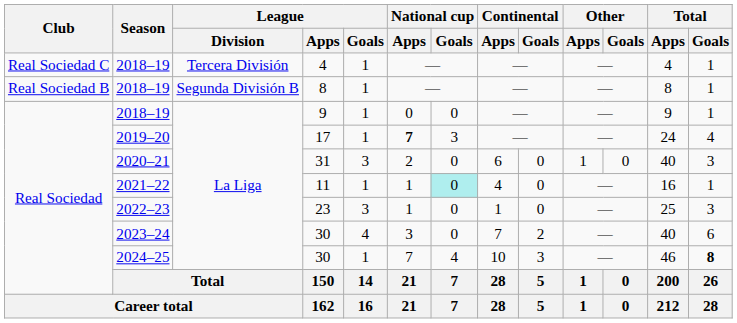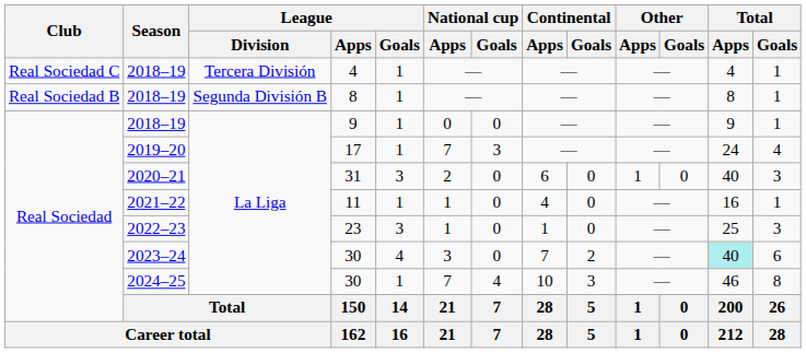 <table class="wikitable" style="text-align:center">
 <tr>
 <th rowspan="2">Club</th>
 <th rowspan="2">Season</th>
 <th colspan="3">League</th>
 <th colspan="2">National cup</th>
 <th colspan="2">Continental</th>
 <th colspan="2">Other</th>
 <th colspan="2">Total</th>
 </tr>
 <tr>
 <th>Division</th>
 <th>Apps</th>
 <th>Goals</th>
 <th>Apps</th>
 <th>Goals</th>
 <th>Apps</th>
 <th>Goals</th>
 <th>Apps</th>
 <th>Goals</th>
 <th>Apps</th>
 <th>Goals</th>
 </tr>
 <tr>
 <td><a href='#'>Real Sociedad C</a></td>
 <td><a href='#'>2018–19</a></td>
 <td><a href='#'>Tercera División</a></td>
 <td>4</td>
 <td>1</td>
 <td colspan="2">—</td>
 <td colspan="2">—</td>
 <td colspan="2">—</td>
 <td>4</td>
 <td>1</td>
 </tr>
 <tr>
 <td><a href='#'>Real Sociedad B</a></td>
 <td><a href='#'>2018–19</a></td>
 <td><a href='#'>Segunda División B</a></td>
 <td>8</td>
 <td>1</td>
 <td colspan="2">—</td>
 <td colspan="2">—</td>
 <td colspan="2">—</td>
 <td>8</td>
 <td>1</td>
 </tr>
 <tr>
 <td rowspan="8"><a href='#'>Real Sociedad</a></td>
 <td><a href='#'>2018–19</a></td>
 <td rowspan="7"><a href='#'>La Liga</a></td>
 <td>9</td>
 <td>1</td>
 <td>0</td>
 <td>0</td>
 <td colspan="2">—</td>
 <td colspan="2">—</td>
 <td>9</td>
 <td>1</td>
 </tr>
 <tr>
 <td><a href='#'>2019–20</a></td>
 <td>17</td>
 <td>1</td>
-<td><strong>7</strong></td>
+<td>7</td>
 <td>3</td>
 <td colspan="2">—</td>
 <td colspan="2">—</td>
 <td>24</td>
 <td>4</td>
 </tr>
 <tr>
 <td><a href='#'>2020–21</a></td>
 <td>31</td>
 <td>3</td>
 <td>2</td>
 <td>0</td>
 <td>6</td>
 <td>0</td>
 <td>1</td>
 <td>0</td>
 <td>40</td>
 <td>3</td>
 </tr>
 <tr>
 <td><a href='#'>2021–22</a></td>
 <td>11</td>
 <td>1</td>
 <td>1</td>
-<td style="background: paleturquoise;">0</td>
+<td>0</td>
 <td>4</td>
 <td>0</td>
 <td colspan="2">—</td>
 <td>16</td>
 <td>1</td>
 </tr>
 <tr>
 <td><a href='#'>2022–23</a></td>
 <td>23</td>
 <td>3</td>
 <td>1</td>
 <td>0</td>
 <td>1</td>
 <td>0</td>
 <td colspan="2">—</td>
 <td>25</td>
 <td>3</td>
 </tr>
 <tr>
 <td><a href='#'>2023–24</a></td>
 <td>30</td>
 <td>4</td>
 <td>3</td>
 <td>0</td>
 <td>7</td>
 <td>2</td>
 <td colspan="2">—</td>
-<td>40</td>
+<td style="background: paleturquoise;">40</td>
 <td>6</td>
 </tr>
 <tr>
 <td><a href='#'>2024–25</a></td>
 <td>30</td>
 <td>1</td>
 <td>7</td>
 <td>4</td>
 <td>10</td>
 <td>3</td>
 <td colspan="2">—</td>
 <td>46</td>
-<td><strong>8</strong></td>
+<td>8</td>
 </tr>
 <tr>
 <th colspan="2">Total</th>
 <th>150</th>
 <th>14</th>
 <th>21</th>
 <th>7</th>
 <th>28</th>
 <th>5</th>
 <th>1</th>
 <th>0</th>
 <th>200</th>
 <th>26</th>
 </tr>
 <tr>
 <th colspan="3">Career total</th>
 <th>162</th>
 <th>16</th>
 <th>21</th>
 <th>7</th>
 <th>28</th>
 <th>5</th>
 <th>1</th>
 <th>0</th>
 <th>212</th>
 <th>28</th>
 </tr>
 </table>
